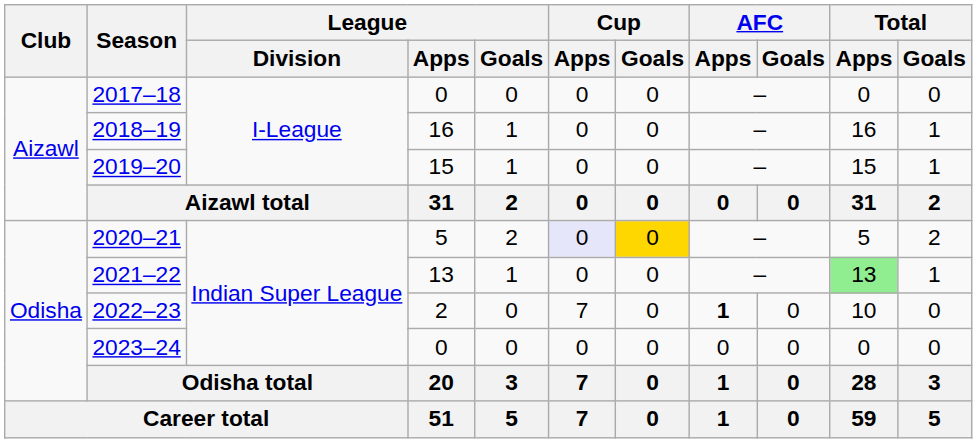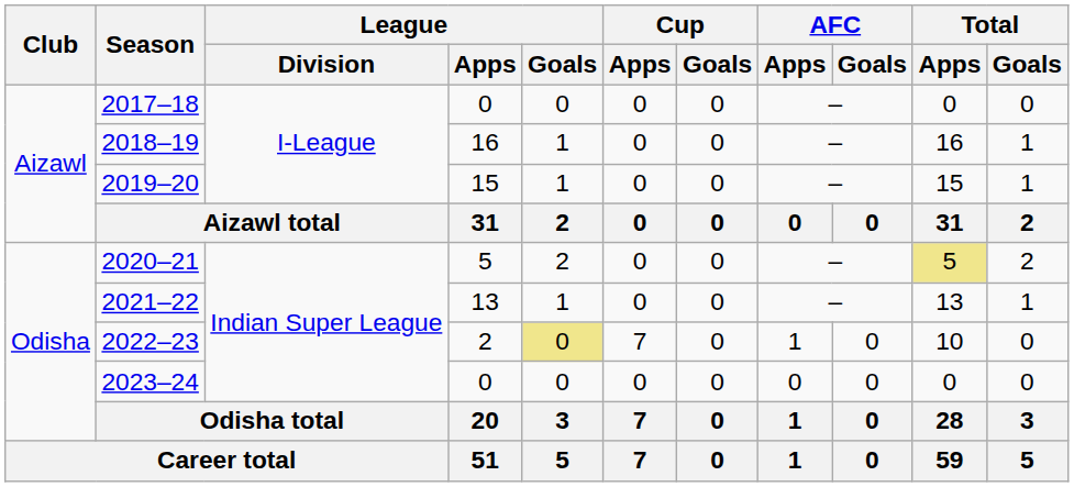 <table class="wikitable" style="text-align: center;">
 <tr>
 <th rowspan="2">Club</th>
 <th rowspan="2">Season</th>
 <th colspan="3">League</th>
 <th colspan="2">Cup</th>
 <th colspan="2"><a href='#'>AFC</a></th>
 <th colspan="2">Total</th>
 </tr>
 <tr>
 <th>Division</th>
 <th>Apps</th>
 <th>Goals</th>
 <th>Apps</th>
 <th>Goals</th>
 <th>Apps</th>
 <th>Goals</th>
 <th>Apps</th>
 <th>Goals</th>
 </tr>
 <tr>
 <td rowspan="4"><a href='#'>Aizawl</a></td>
 <td><a href='#'>2017–18</a></td>
 <td rowspan="3"><a href='#'>I-League</a></td>
 <td>0</td>
 <td>0</td>
 <td>0</td>
 <td>0</td>
 <td colspan="2">–</td>
 <td>0</td>
 <td>0</td>
 </tr>
 <tr>
 <td><a href='#'>2018–19</a></td>
 <td>16</td>
 <td>1</td>
 <td>0</td>
 <td>0</td>
 <td colspan="2">–</td>
 <td>16</td>
 <td>1</td>
 </tr>
 <tr>
 <td><a href='#'>2019–20</a></td>
 <td>15</td>
 <td>1</td>
 <td>0</td>
 <td>0</td>
 <td colspan="2">–</td>
 <td>15</td>
 <td>1</td>
 </tr>
 <tr>
 <th colspan="2">Aizawl total</th>
 <th>31</th>
 <th>2</th>
 <th>0</th>
 <th>0</th>
 <th>0</th>
 <th>0</th>
 <th>31</th>
 <th>2</th>
 </tr>
 <tr>
 <td rowspan="5"><a href='#'>Odisha</a></td>
 <td><a href='#'>2020–21</a></td>
 <td rowspan="4"><a href='#'>Indian Super League</a></td>
 <td>5</td>
 <td>2</td>
-<td style="background: lavender;">0</td>
-<td style="background: gold;">0</td>
+<td>0</td>
+<td>0</td>
 <td colspan="2">–</td>
-<td>5</td>
+<td style="background: khaki;">5</td>
 <td>2</td>
 </tr>
 <tr>
 <td><a href='#'>2021–22</a></td>
 <td>13</td>
 <td>1</td>
 <td>0</td>
 <td>0</td>
 <td colspan="2">–</td>
-<td style="background: lightgreen;">13</td>
+<td>13</td>
 <td>1</td>
 </tr>
 <tr>
 <td><a href='#'>2022–23</a></td>
 <td>2</td>
-<td>0</td>
+<td style="background: khaki;">0</td>
 <td>7</td>
 <td>0</td>
-<td><strong>1</strong></td>
+<td>1</td>
 <td>0</td>
 <td>10</td>
 <td>0</td>
 </tr>
 <tr>
 <td><a href='#'>2023–24</a></td>
 <td>0</td>
 <td>0</td>
 <td>0</td>
 <td>0</td>
 <td>0</td>
 <td>0</td>
 <td>0</td>
 <td>0</td>
 </tr>
 <tr>
 <th colspan="2">Odisha total</th>
 <th>20</th>
 <th>3</th>
 <th>7</th>
 <th>0</th>
 <th>1</th>
 <th>0</th>
 <th>28</th>
 <th>3</th>
 </tr>
 <tr>
 <th colspan="3">Career total</th>
 <th>51</th>
 <th>5</th>
 <th>7</th>
 <th>0</th>
 <th>1</th>
 <th>0</th>
 <th>59</th>
 <th>5</th>
 </tr>
 </table>
